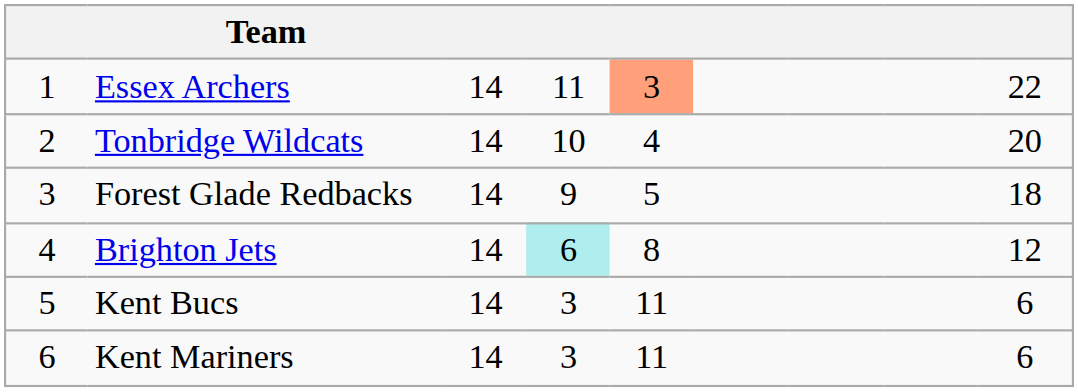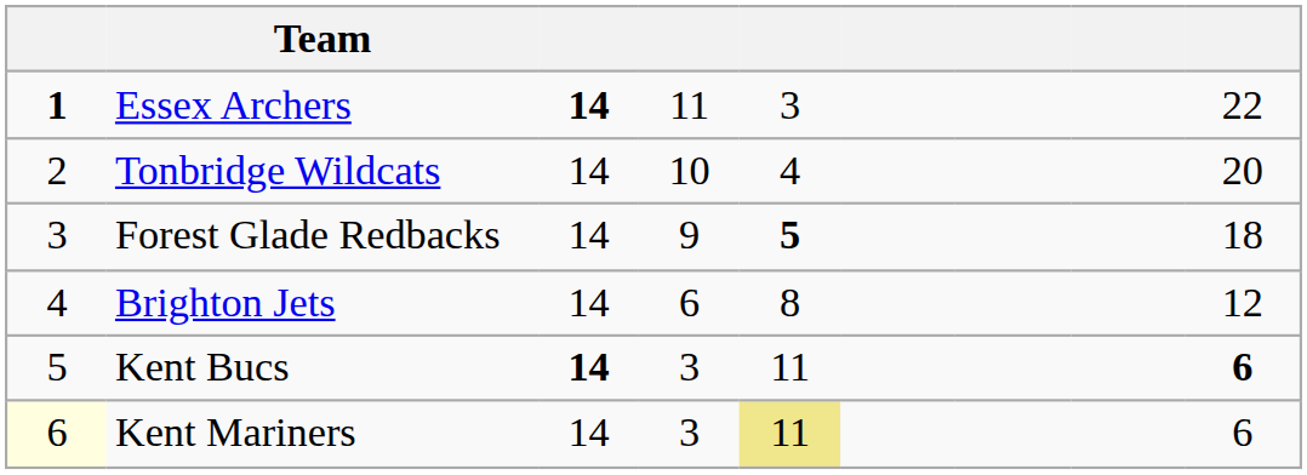 <table class=wikitable width=500 style="text-align:center">
 <tr>
 <th width="7%" style="border-right-style:hidden"></th>
 <th width="30%" style="border-right-style:hidden;border-left-style:hidden">Team</th>
 <th width="7%" style="border-right-style:hidden;border-left-style:hidden"></th>
 <th width="7%" style="border-right-style:hidden;border-left-style:hidden"></th>
 <th width="7%" style="border-right-style:hidden;border-left-style:hidden"></th>
 <th width="8%" style="border-right-style:hidden;border-left-style:hidden"></th>
 <th width="8%" style="border-right-style:hidden;border-left-style:hidden"></th>
 <th width="8%" style="border-right-style:hidden;border-left-style:hidden"></th>
 <th width="8%" style="border-left-style:hidden"></th>
 </tr>
 <tr>
-<td style="border-right-style:hidden">1</td>
+<td style="border-right-style:hidden"><strong>1</strong></td>
 <td align=left style="border-right-style:hidden;border-left-style:hidden"><a href='#'>Essex Archers</a></td>
-<td style="border-right-style:hidden;border-left-style:hidden">14</td>
+<td style="border-right-style:hidden;border-left-style:hidden"><strong>14</strong></td>
 <td style="border-right-style:hidden;border-left-style:hidden">11</td>
-<td style="background: lightsalmon; border-right-style:hidden;border-left-style:hidden">3</td>
+<td style="border-right-style:hidden;border-left-style:hidden">3</td>
 <td style="border-right-style:hidden;border-left-style:hidden"></td>
 <td style="border-right-style:hidden;border-left-style:hidden"></td>
 <td style="border-right-style:hidden;border-left-style:hidden"></td>
 <td style="border-left-style:hidden">22</td>
 </tr>
 <tr>
 <td style="border-right-style:hidden">2</td>
 <td align=left style="border-right-style:hidden;border-left-style:hidden"><a href='#'>Tonbridge Wildcats</a></td>
 <td style="border-right-style:hidden;border-left-style:hidden">14</td>
 <td style="border-right-style:hidden;border-left-style:hidden">10</td>
 <td style="border-right-style:hidden;border-left-style:hidden">4</td>
 <td style="border-right-style:hidden;border-left-style:hidden"></td>
 <td style="border-right-style:hidden;border-left-style:hidden"></td>
 <td style="border-right-style:hidden;border-left-style:hidden"></td>
 <td style="border-left-style:hidden">20</td>
 </tr>
 <tr>
 <td style="border-right-style:hidden">3</td>
 <td align=left style="border-right-style:hidden;border-left-style:hidden">Forest Glade Redbacks</td>
 <td style="border-right-style:hidden;border-left-style:hidden">14</td>
 <td style="border-right-style:hidden;border-left-style:hidden">9</td>
-<td style="border-right-style:hidden;border-left-style:hidden">5</td>
+<td style="border-right-style:hidden;border-left-style:hidden"><strong>5</strong></td>
 <td style="border-right-style:hidden;border-left-style:hidden"></td>
 <td style="border-right-style:hidden;border-left-style:hidden"></td>
 <td style="border-right-style:hidden;border-left-style:hidden"></td>
 <td style="border-left-style:hidden">18</td>
 </tr>
 <tr>
 <td style="border-right-style:hidden">4</td>
 <td align=left style="border-right-style:hidden;border-left-style:hidden"><a href='#'>Brighton Jets</a></td>
 <td style="border-right-style:hidden;border-left-style:hidden">14</td>
-<td style="background: paleturquoise; border-right-style:hidden;border-left-style:hidden">6</td>
+<td style="border-right-style:hidden;border-left-style:hidden">6</td>
 <td style="border-right-style:hidden;border-left-style:hidden">8</td>
 <td style="border-right-style:hidden;border-left-style:hidden"></td>
 <td style="border-right-style:hidden;border-left-style:hidden"></td>
 <td style="border-right-style:hidden;border-left-style:hidden"></td>
 <td style="border-left-style:hidden">12</td>
 </tr>
 <tr>
 <td style="border-right-style:hidden">5</td>
 <td align=left style="border-right-style:hidden;border-left-style:hidden">Kent Bucs</td>
-<td style="border-right-style:hidden;border-left-style:hidden">14</td>
+<td style="border-right-style:hidden;border-left-style:hidden"><strong>14</strong></td>
 <td style="border-right-style:hidden;border-left-style:hidden">3</td>
 <td style="border-right-style:hidden;border-left-style:hidden">11</td>
 <td style="border-right-style:hidden;border-left-style:hidden"></td>
 <td style="border-right-style:hidden;border-left-style:hidden"></td>
 <td style="border-right-style:hidden;border-left-style:hidden"></td>
-<td style="border-left-style:hidden">6</td>
+<td style="border-left-style:hidden"><strong>6</strong></td>
 </tr>
 <tr>
-<td style="border-right-style:hidden">6</td>
+<td style="background: lightyellow; border-right-style:hidden">6</td>
 <td align=left style="border-right-style:hidden;border-left-style:hidden">Kent Mariners</td>
 <td style="border-right-style:hidden;border-left-style:hidden">14</td>
 <td style="border-right-style:hidden;border-left-style:hidden">3</td>
-<td style="border-right-style:hidden;border-left-style:hidden">11</td>
+<td style="background: khaki; border-right-style:hidden;border-left-style:hidden">11</td>
 <td style="border-right-style:hidden;border-left-style:hidden"></td>
 <td style="border-right-style:hidden;border-left-style:hidden"></td>
 <td style="border-right-style:hidden;border-left-style:hidden"></td>
 <td style="border-left-style:hidden">6</td>
 </tr>
 </table>
